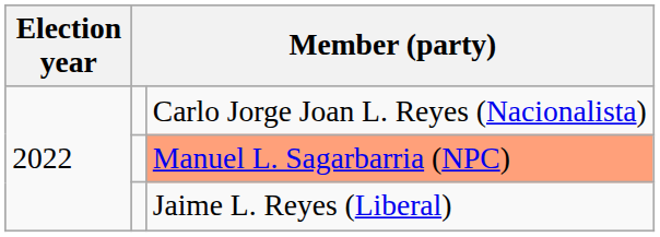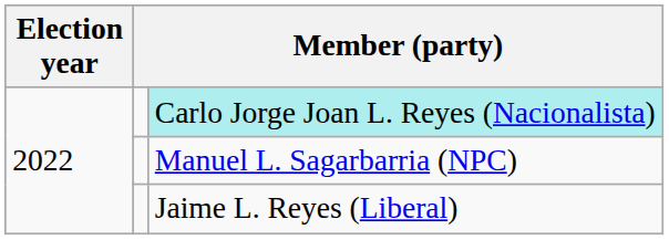 <table class=wikitable>
 <tr>
 <th width=60px>Election<br>year</th>
 <th colspan=2 width=140px>Member (party)</th>
 </tr>
 <tr>
 <td rowspan="3">2022</td>
 <td bgcolor=></td>
-<td>Carlo Jorge Joan L. Reyes (<a href='#'>Nacionalista</a>) </td>
+<td style="background: paleturquoise;">Carlo Jorge Joan L. Reyes (<a href='#'>Nacionalista</a>) </td>
 </tr>
 <tr>
 <td bgcolor=></td>
-<td style="background: lightsalmon;"><a href='#'>Manuel L. Sagarbarria</a> (<a href='#'>NPC</a>) </td>
+<td><a href='#'>Manuel L. Sagarbarria</a> (<a href='#'>NPC</a>) </td>
 </tr>
 <tr>
 <td bgcolor=></td>
 <td>Jaime L. Reyes (<a href='#'>Liberal</a>) </td>
 </tr>
 </table>
